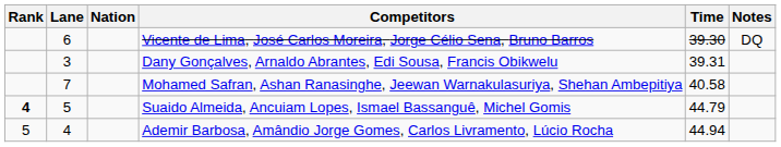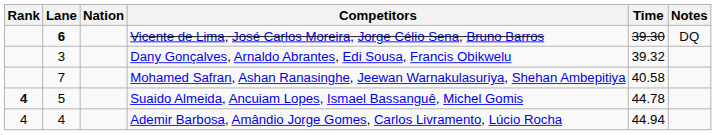 <table class="wikitable sortable" style="text-align:center; font-size:95%">
 <tr>
 <th>Rank</th>
 <th>Lane</th>
 <th>Nation</th>
 <th>Competitors</th>
 <th>Time</th>
 <th>Notes</th>
 </tr>
 <tr>
 <td><s> </s></td>
-<td>6</td>
+<td><strong>6</strong></td>
 <td align=left><s> </s></td>
 <td align=left><s><a href='#'>Vicente de Lima</a>, <a href='#'>José Carlos Moreira</a>, <a href='#'>Jorge Célio Sena</a>, <a href='#'>Bruno Barros</a> </s></td>
 <td><s>39.30 </s></td>
 <td>DQ</td>
 </tr>
 <tr>
 <td></td>
 <td>3</td>
 <td align=left></td>
 <td align=left><a href='#'>Dany Gonçalves</a>, <a href='#'>Arnaldo Abrantes</a>, <a href='#'>Edi Sousa</a>, <a href='#'>Francis Obikwelu</a></td>
-<td>39.31</td>
+<td>39.32</td>
 <td></td>
 </tr>
 <tr>
 <td></td>
 <td>7</td>
 <td align=left></td>
 <td align=left><a href='#'>Mohamed Safran</a>, <a href='#'>Ashan Ranasinghe</a>, <a href='#'>Jeewan Warnakulasuriya</a>, <a href='#'>Shehan Ambepitiya</a></td>
 <td>40.58</td>
 <td></td>
 </tr>
 <tr>
 <td><strong>4</strong></td>
 <td>5</td>
 <td align=left></td>
 <td align=left><a href='#'>Suaido Almeida</a>, <a href='#'>Ancuiam Lopes</a>, <a href='#'>Ismael Bassanguê</a>, <a href='#'>Michel Gomis</a></td>
-<td>44.79</td>
+<td>44.78</td>
 <td></td>
 </tr>
 <tr>
-<td>5</td>
+<td>4</td>
 <td>4</td>
 <td align=left></td>
 <td align=left><a href='#'>Ademir Barbosa</a>, <a href='#'>Amândio Jorge Gomes</a>, <a href='#'>Carlos Livramento</a>, <a href='#'>Lúcio Rocha</a></td>
 <td>44.94</td>
 <td></td>
 </tr>
 </table>
